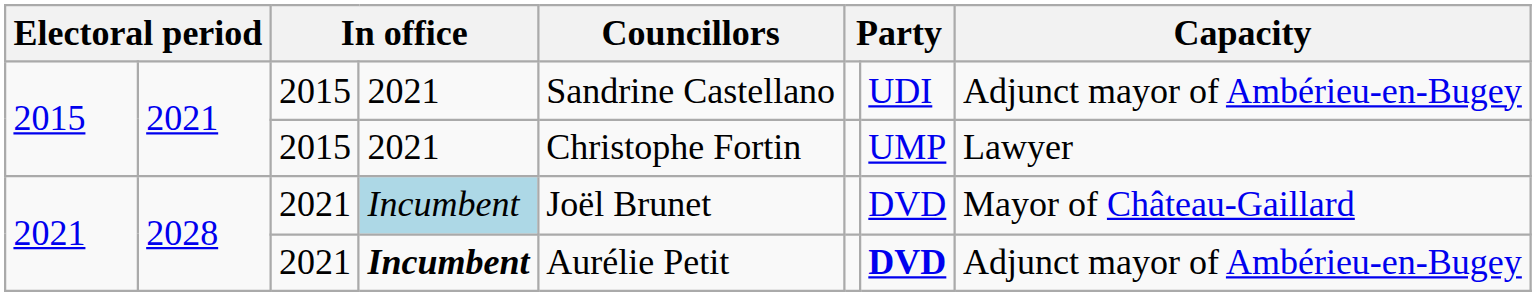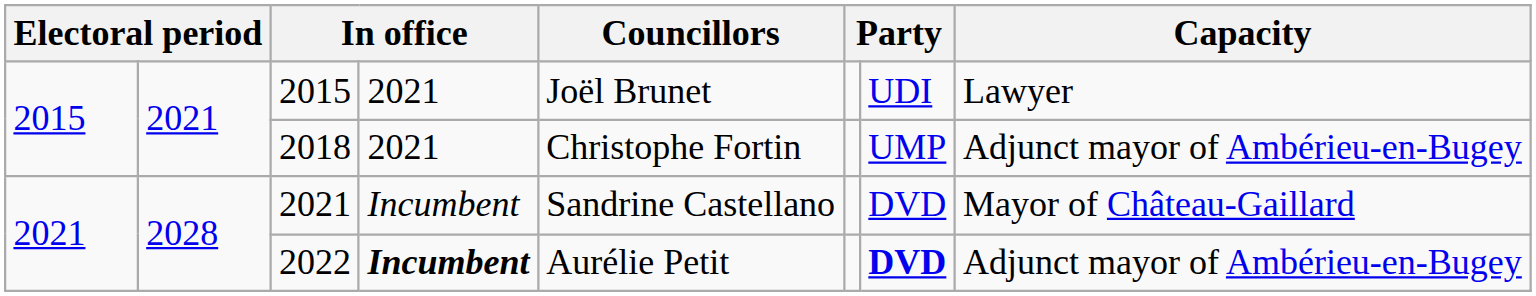 <table class="wikitable">
 <tr>
 <th colspan="2">Electoral period</th>
 <th colspan="2">In office</th>
 <th>Councillors</th>
 <th colspan="2">Party</th>
 <th>Capacity</th>
 </tr>
 <tr>
 <td rowspan="2"><a href='#'>2015</a></td>
 <td rowspan="2"><a href='#'>2021</a></td>
 <td>2015</td>
 <td>2021</td>
-<td>Sandrine Castellano</td>
+<td>Joël Brunet</td>
 <td style="background-color: "></td>
 <td><a href='#'>UDI</a></td>
-<td>Adjunct mayor of <a href='#'>Ambérieu-en-Bugey</a></td>
+<td>Lawyer</td>
 </tr>
 <tr>
-<td>2015</td>
+<td>2018</td>
 <td>2021</td>
 <td>Christophe Fortin</td>
 <td style="background-color: "></td>
 <td><a href='#'>UMP</a></td>
-<td>Lawyer</td>
+<td>Adjunct mayor of <a href='#'>Ambérieu-en-Bugey</a></td>
 </tr>
 <tr>
 <td rowspan="2"><a href='#'>2021</a></td>
 <td rowspan="2"><a href='#'>2028</a></td>
 <td>2021</td>
-<td style="background: lightblue;"><em>Incumbent</em></td>
-<td>Joël Brunet</td>
+<td><em>Incumbent</em></td>
+<td>Sandrine Castellano</td>
 <td></td>
 <td><a href='#'>DVD</a></td>
 <td>Mayor of <a href='#'>Château-Gaillard</a></td>
 </tr>
 <tr>
-<td>2021</td>
+<td>2022</td>
 <td><strong><em>Incumbent</em></strong></td>
 <td>Aurélie Petit</td>
 <td></td>
 <td><strong><a href='#'>DVD</a></strong></td>
 <td>Adjunct mayor of <a href='#'>Ambérieu-en-Bugey</a></td>
 </tr>
 </table>
